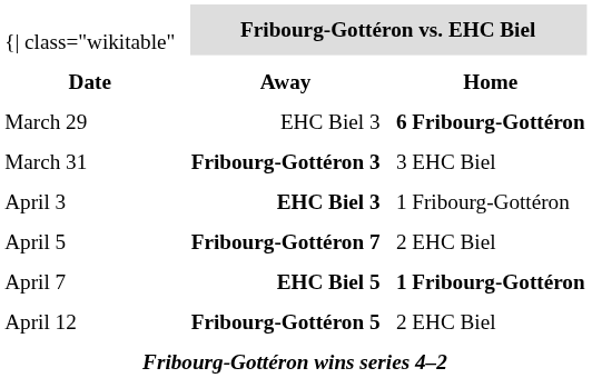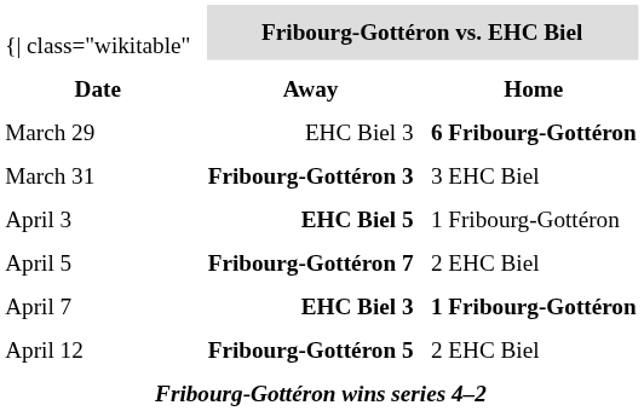 <table cellspacing="10">
 <tr>
 <td valign="top"><br>	{| class="wikitable"</td>
 <th bgcolor="#DDDDDD" colspan="4">Fribourg-Gottéron vs. EHC Biel</th>
 </tr>
 <tr>
 <th>Date</th>
 <th>Away</th>
 <th>Home</th>
 </tr>
 <tr>
 <td>March 29</td>
 <td align = "right">EHC Biel 3</td>
 <td><strong>6 Fribourg-Gottéron</strong></td>
 </tr>
 <tr>
 <td>March 31</td>
 <td align = "right"><strong>Fribourg-Gottéron 3</strong></td>
 <td>3 EHC Biel</td>
 </tr>
 <tr>
 <td>April 3</td>
-<td align = "right"><strong>EHC Biel 3</strong></td>
+<td align = "right"><strong>EHC Biel 5</strong></td>
 <td>1 Fribourg-Gottéron</td>
 </tr>
 <tr>
 <td>April 5</td>
 <td align = "right"><strong>Fribourg-Gottéron 7</strong></td>
 <td>2 EHC Biel</td>
 </tr>
 <tr>
 <td>April 7</td>
-<td align = "right"><strong>EHC Biel 5</strong></td>
+<td align = "right"><strong>EHC Biel 3</strong></td>
 <td><strong>1 Fribourg-Gottéron</strong></td>
 </tr>
 <tr>
 <td>April 12</td>
 <td align = "right"><strong>Fribourg-Gottéron 5</strong></td>
 <td>2 EHC Biel</td>
 </tr>
 <tr align="center">
 <td colspan="4"><strong><em>Fribourg-Gottéron wins series 4–2</em></strong></td>
 </tr>
 </table>
